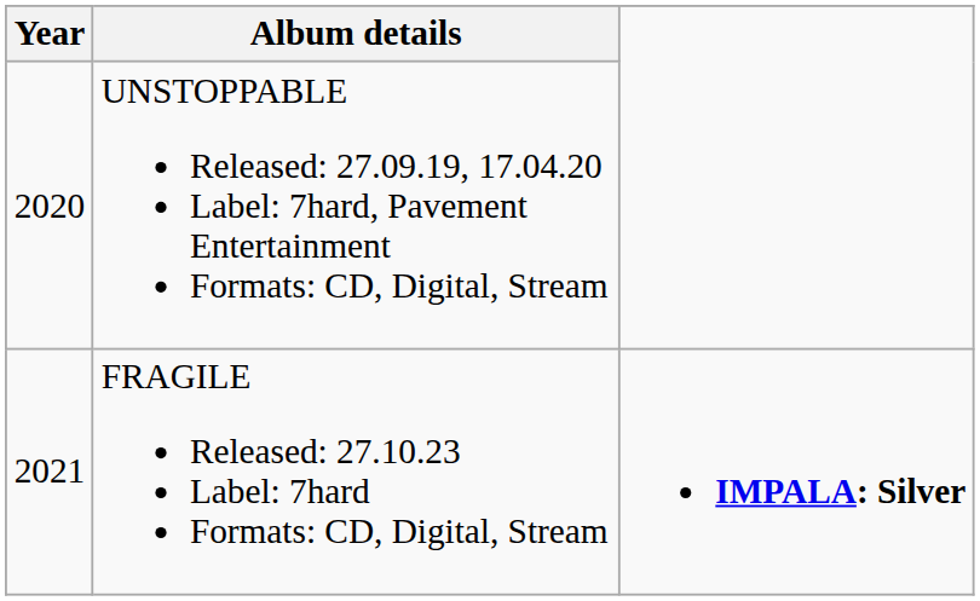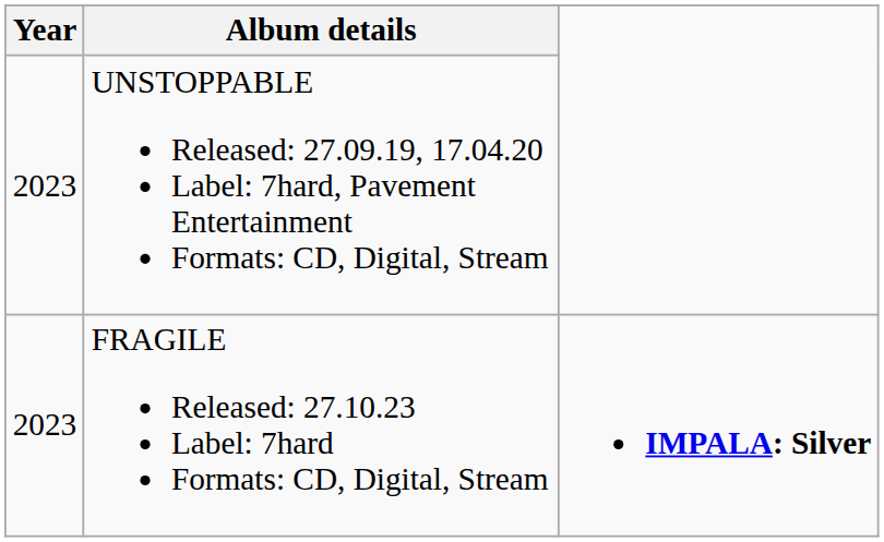 <table class="wikitable" style="text-align:center;">
 <tr>
 <th>Year</th>
 <th style="width:230px;">Album details</th>
 </tr>
 <tr>
-<td>2020</td>
+<td>2023</td>
 <td style="text-align:left;">UNSTOPPABLE<br><ul><li>Released: 27.09.19, 17.04.20</li><li>Label: 7hard, Pavement Entertainment</li><li>Formats: CD, Digital, Stream</li></ul></td>
 </tr>
 <tr>
-<td>2021</td>
+<td>2023</td>
 <td style="text-align:left;">FRAGILE<br><ul><li>Released: 27.10.23</li><li>Label: 7hard</li><li>Formats: CD, Digital, Stream</li></ul></td>
 <td><strong><br><ul><li><a href='#'>IMPALA</a>: Silver </li></ul></strong></td>
 </tr>
 </table>
